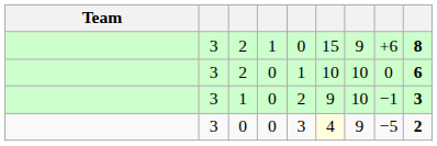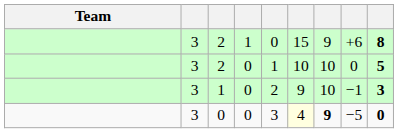 <table class="wikitable" style="text-align: center;">
 <tr>
 <th width="175">Team</th>
 <th width="20"></th>
 <th width="20"></th>
 <th width="20"></th>
 <th width="20"></th>
 <th width="20"></th>
 <th width="20"></th>
 <th width="20"></th>
 <th width="20"></th>
 </tr>
 <tr bgcolor="#ccffcc">
 <td align=left></td>
 <td>3</td>
 <td>2</td>
 <td>1</td>
 <td>0</td>
 <td>15</td>
 <td>9</td>
 <td>+6</td>
 <td><strong>8</strong></td>
 </tr>
 <tr bgcolor="#ccffcc">
 <td align=left></td>
 <td>3</td>
 <td>2</td>
 <td>0</td>
 <td>1</td>
 <td>10</td>
 <td>10</td>
 <td>0</td>
-<td><strong>6</strong></td>
+<td><strong>5</strong></td>
 </tr>
 <tr bgcolor="#ccffcc">
 <td align=left></td>
 <td>3</td>
 <td>1</td>
 <td>0</td>
 <td>2</td>
 <td>9</td>
 <td>10</td>
 <td>−1</td>
 <td><strong>3</strong></td>
 </tr>
 <tr>
 <td align=left></td>
 <td>3</td>
 <td>0</td>
 <td>0</td>
 <td>3</td>
 <td style="background: lightyellow;">4</td>
-<td>9</td>
+<td><strong>9</strong></td>
 <td>−5</td>
-<td><strong>2</strong></td>
+<td><strong>0</strong></td>
 </tr>
 </table>
